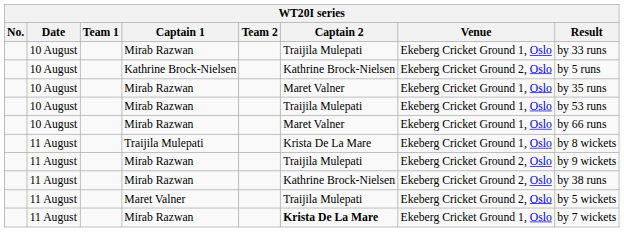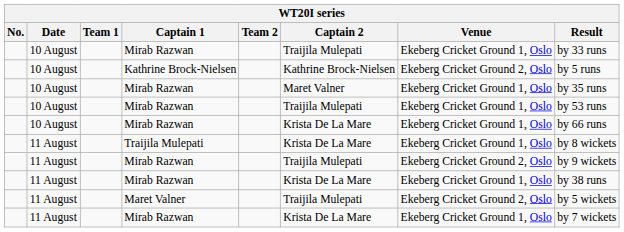 <table class="wikitable">
 <tr>
 <th colspan="9">WT20I series</th>
 </tr>
 <tr>
 <th>No.</th>
 <th>Date</th>
 <th>Team 1</th>
 <th>Captain 1</th>
 <th>Team 2</th>
 <th>Captain 2</th>
 <th>Venue</th>
 <th>Result</th>
 </tr>
 <tr>
 <td></td>
 <td>10 August</td>
 <td></td>
 <td>Mirab Razwan</td>
 <td></td>
 <td>Traijila Mulepati</td>
 <td>Ekeberg Cricket Ground 1, <a href='#'>Oslo</a></td>
 <td> by 33 runs</td>
 </tr>
 <tr>
 <td></td>
 <td>10 August</td>
 <td></td>
 <td>Kathrine Brock-Nielsen</td>
 <td></td>
 <td>Kathrine Brock-Nielsen</td>
 <td>Ekeberg Cricket Ground 2, <a href='#'>Oslo</a></td>
 <td> by 5 runs</td>
 </tr>
 <tr>
 <td></td>
 <td>10 August</td>
 <td></td>
 <td>Mirab Razwan</td>
 <td></td>
 <td>Maret Valner</td>
 <td>Ekeberg Cricket Ground 1, <a href='#'>Oslo</a></td>
 <td> by 35 runs</td>
 </tr>
 <tr>
 <td></td>
 <td>10 August</td>
 <td></td>
 <td>Mirab Razwan</td>
 <td></td>
 <td>Traijila Mulepati</td>
 <td>Ekeberg Cricket Ground 1, <a href='#'>Oslo</a></td>
 <td> by 53 runs</td>
 </tr>
 <tr>
 <td></td>
 <td>10 August</td>
 <td></td>
 <td>Mirab Razwan</td>
 <td></td>
-<td>Maret Valner</td>
+<td>Krista De La Mare</td>
 <td>Ekeberg Cricket Ground 1, <a href='#'>Oslo</a></td>
 <td> by 66 runs</td>
 </tr>
 <tr>
 <td></td>
 <td>11 August</td>
 <td></td>
 <td>Traijila Mulepati</td>
 <td></td>
 <td>Krista De La Mare</td>
 <td>Ekeberg Cricket Ground 1, <a href='#'>Oslo</a></td>
 <td> by 8 wickets</td>
 </tr>
 <tr>
 <td></td>
 <td>11 August</td>
 <td></td>
 <td>Mirab Razwan</td>
 <td></td>
 <td>Traijila Mulepati</td>
 <td>Ekeberg Cricket Ground 2, <a href='#'>Oslo</a></td>
 <td> by 9 wickets</td>
 </tr>
 <tr>
 <td></td>
 <td>11 August</td>
 <td></td>
 <td>Mirab Razwan</td>
 <td></td>
-<td>Kathrine Brock-Nielsen</td>
-<td>Ekeberg Cricket Ground 2, <a href='#'>Oslo</a></td>
+<td>Krista De La Mare</td>
+<td>Ekeberg Cricket Ground 1, <a href='#'>Oslo</a></td>
 <td> by 38 runs</td>
 </tr>
 <tr>
 <td></td>
 <td>11 August</td>
 <td></td>
 <td>Maret Valner</td>
 <td></td>
 <td>Traijila Mulepati</td>
 <td>Ekeberg Cricket Ground 2, <a href='#'>Oslo</a></td>
 <td> by 5 wickets</td>
 </tr>
 <tr>
 <td></td>
 <td>11 August</td>
 <td></td>
 <td>Mirab Razwan</td>
 <td></td>
-<td><strong>Krista De La Mare</strong></td>
+<td>Krista De La Mare</td>
 <td>Ekeberg Cricket Ground 1, <a href='#'>Oslo</a></td>
 <td> by 7 wickets</td>
 </tr>
 </table>
